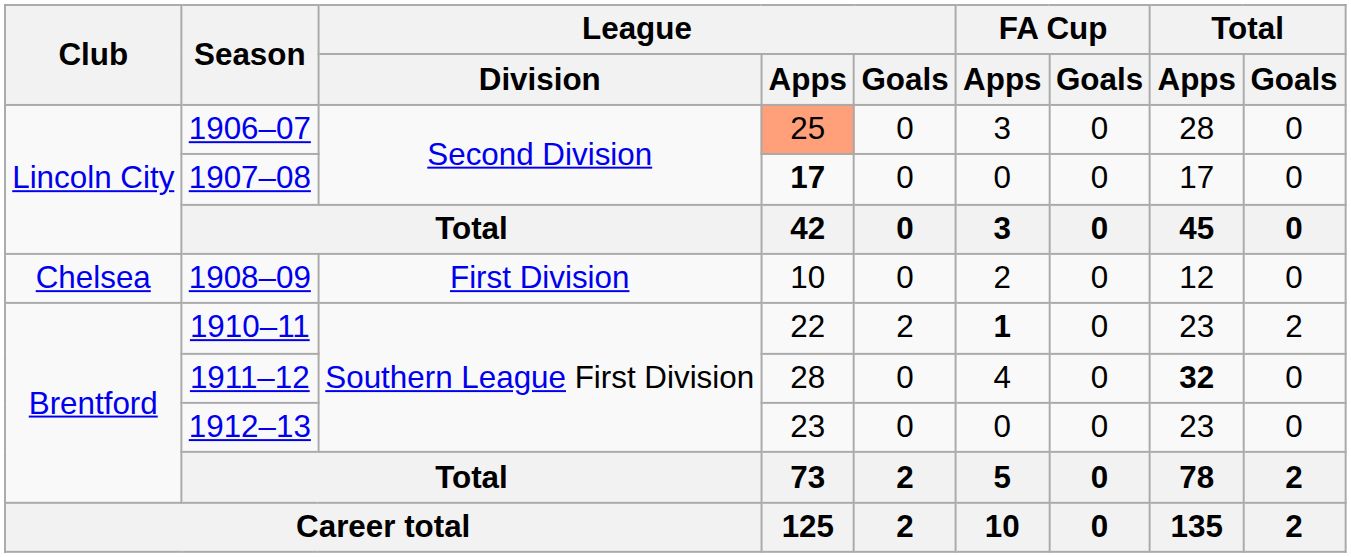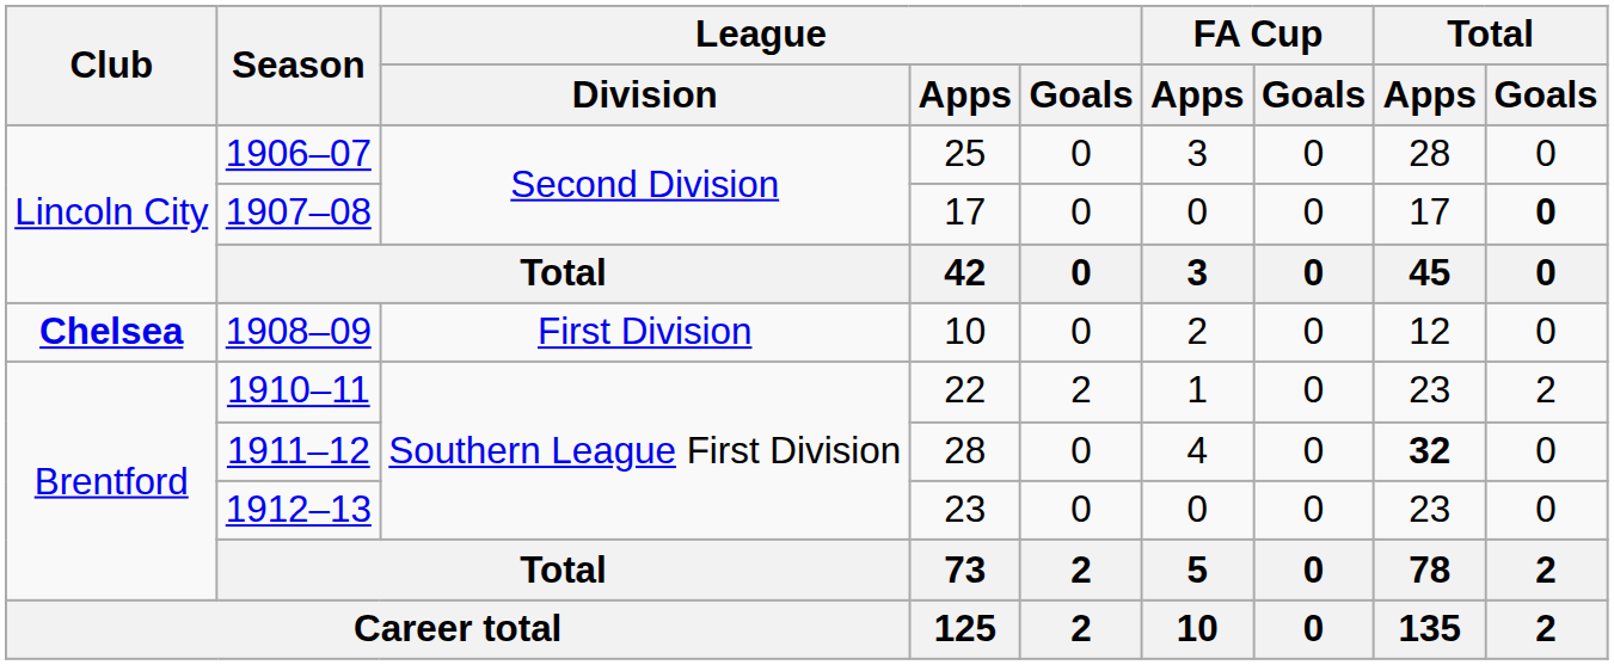 <table class="wikitable" style="text-align: center;">
 <tr>
 <th rowspan="2">Club</th>
 <th rowspan="2">Season</th>
 <th colspan="3">League</th>
 <th colspan="2">FA Cup</th>
 <th colspan="2">Total</th>
 </tr>
 <tr>
 <th>Division</th>
 <th>Apps</th>
 <th>Goals</th>
 <th>Apps</th>
 <th>Goals</th>
 <th>Apps</th>
 <th>Goals</th>
 </tr>
 <tr>
 <td rowspan="3"><a href='#'>Lincoln City</a></td>
 <td><a href='#'>1906–07</a></td>
 <td rowspan="2"><a href='#'>Second Division</a></td>
-<td style="background: lightsalmon;">25</td>
+<td>25</td>
 <td>0</td>
 <td>3</td>
 <td>0</td>
 <td>28</td>
 <td>0</td>
 </tr>
 <tr>
 <td><a href='#'>1907–08</a></td>
-<td><strong>17</strong></td>
+<td>17</td>
 <td>0</td>
 <td>0</td>
 <td>0</td>
 <td>17</td>
-<td>0</td>
+<td><strong>0</strong></td>
 </tr>
 <tr>
 <th colspan="2">Total</th>
 <th>42</th>
 <th>0</th>
 <th>3</th>
 <th>0</th>
 <th>45</th>
 <th>0</th>
 </tr>
 <tr>
-<td><a href='#'>Chelsea</a></td>
+<td><strong><a href='#'>Chelsea</a></strong></td>
 <td><a href='#'>1908–09</a></td>
 <td><a href='#'>First Division</a></td>
 <td>10</td>
 <td>0</td>
 <td>2</td>
 <td>0</td>
 <td>12</td>
 <td>0</td>
 </tr>
 <tr>
 <td rowspan="4"><a href='#'>Brentford</a></td>
 <td><a href='#'>1910–11</a></td>
 <td rowspan="3"><a href='#'>Southern League</a> First Division</td>
 <td>22</td>
 <td>2</td>
-<td><strong>1</strong></td>
+<td>1</td>
 <td>0</td>
 <td>23</td>
 <td>2</td>
 </tr>
 <tr>
 <td><a href='#'>1911–12</a></td>
 <td>28</td>
 <td>0</td>
 <td>4</td>
 <td>0</td>
 <td><strong>32</strong></td>
 <td>0</td>
 </tr>
 <tr>
 <td><a href='#'>1912–13</a></td>
 <td>23</td>
 <td>0</td>
 <td>0</td>
 <td>0</td>
 <td>23</td>
 <td>0</td>
 </tr>
 <tr>
 <th colspan="2">Total</th>
 <th>73</th>
 <th>2</th>
 <th>5</th>
 <th>0</th>
 <th>78</th>
 <th>2</th>
 </tr>
 <tr>
 <th colspan="3">Career total</th>
 <th>125</th>
 <th>2</th>
 <th>10</th>
 <th>0</th>
 <th>135</th>
 <th>2</th>
 </tr>
 </table>
